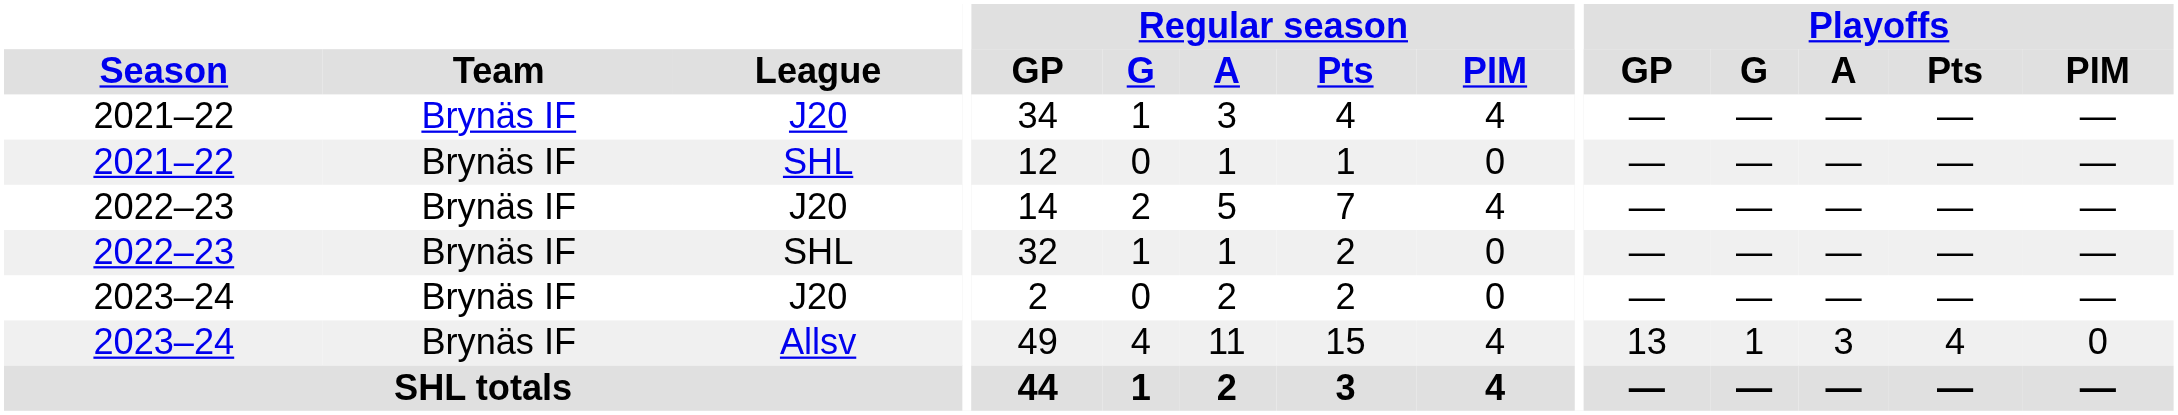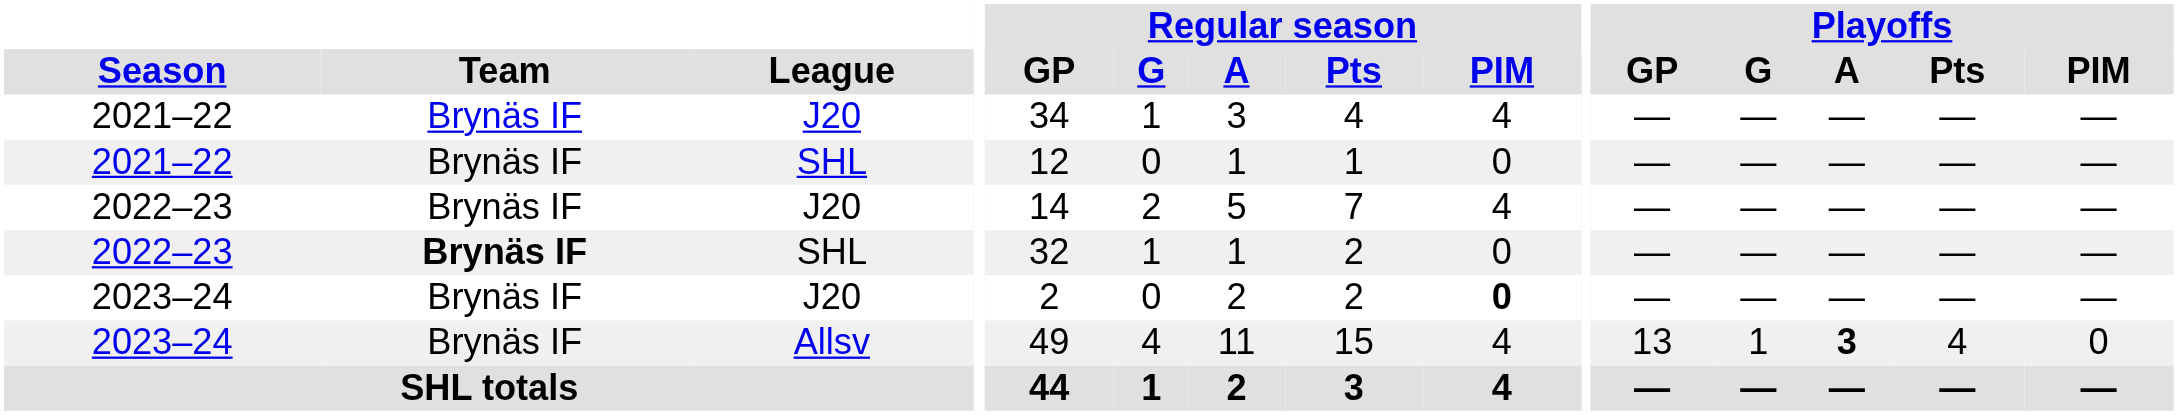 <table border="0" cellpadding="1" cellspacing="0" style="text-align:center; width:60em">
 <tr bgcolor="#e0e0e0">
 <th colspan="3" bgcolor="#ffffff"></th>
 <th rowspan="99" bgcolor="#ffffff"></th>
 <th colspan="5"><a href='#'>Regular season</a></th>
 <th rowspan="99" bgcolor="#ffffff"></th>
 <th colspan="5"><a href='#'>Playoffs</a></th>
 </tr>
 <tr bgcolor="#e0e0e0">
 <th><a href='#'>Season</a></th>
 <th>Team</th>
 <th>League</th>
 <th>GP</th>
 <th><a href='#'>G</a></th>
 <th><a href='#'>A</a></th>
 <th><a href='#'>Pts</a></th>
 <th><a href='#'>PIM</a></th>
 <th>GP</th>
 <th>G</th>
 <th>A</th>
 <th>Pts</th>
 <th>PIM</th>
 </tr>
 <tr>
 <td>2021–22</td>
 <td><a href='#'>Brynäs IF</a></td>
 <td><a href='#'>J20</a></td>
 <td>34</td>
 <td>1</td>
 <td>3</td>
 <td>4</td>
 <td>4</td>
 <td>—</td>
 <td>—</td>
 <td>—</td>
 <td>—</td>
 <td>—</td>
 </tr>
 <tr bgcolor="#f0f0f0">
 <td><a href='#'>2021–22</a></td>
 <td>Brynäs IF</td>
 <td><a href='#'>SHL</a></td>
 <td>12</td>
 <td>0</td>
 <td>1</td>
 <td>1</td>
 <td>0</td>
 <td>—</td>
 <td>—</td>
 <td>—</td>
 <td>—</td>
 <td>—</td>
 </tr>
 <tr>
 <td>2022–23</td>
 <td>Brynäs IF</td>
 <td>J20</td>
 <td>14</td>
 <td>2</td>
 <td>5</td>
 <td>7</td>
 <td>4</td>
 <td>—</td>
 <td>—</td>
 <td>—</td>
 <td>—</td>
 <td>—</td>
 </tr>
 <tr bgcolor="#f0f0f0">
 <td><a href='#'>2022–23</a></td>
-<td>Brynäs IF</td>
+<td><strong>Brynäs IF</strong></td>
 <td>SHL</td>
 <td>32</td>
 <td>1</td>
 <td>1</td>
 <td>2</td>
 <td>0</td>
 <td>—</td>
 <td>—</td>
 <td>—</td>
 <td>—</td>
 <td>—</td>
 </tr>
 <tr>
 <td>2023–24</td>
 <td>Brynäs IF</td>
 <td>J20</td>
 <td>2</td>
 <td>0</td>
 <td>2</td>
 <td>2</td>
-<td>0</td>
+<td><strong>0</strong></td>
 <td>—</td>
 <td>—</td>
 <td>—</td>
 <td>—</td>
 <td>—</td>
 </tr>
 <tr bgcolor="#f0f0f0">
 <td><a href='#'>2023–24</a></td>
 <td>Brynäs IF</td>
 <td><a href='#'>Allsv</a></td>
 <td>49</td>
 <td>4</td>
 <td>11</td>
 <td>15</td>
 <td>4</td>
 <td>13</td>
 <td>1</td>
-<td>3</td>
+<td><strong>3</strong></td>
 <td>4</td>
 <td>0</td>
 </tr>
 <tr bgcolor="#e0e0e0">
 <th colspan="3">SHL totals</th>
 <th>44</th>
 <th>1</th>
 <th>2</th>
 <th>3</th>
 <th>4</th>
 <th>—</th>
 <th>—</th>
 <th>—</th>
 <th>—</th>
 <th>—</th>
 </tr>
 </table>
